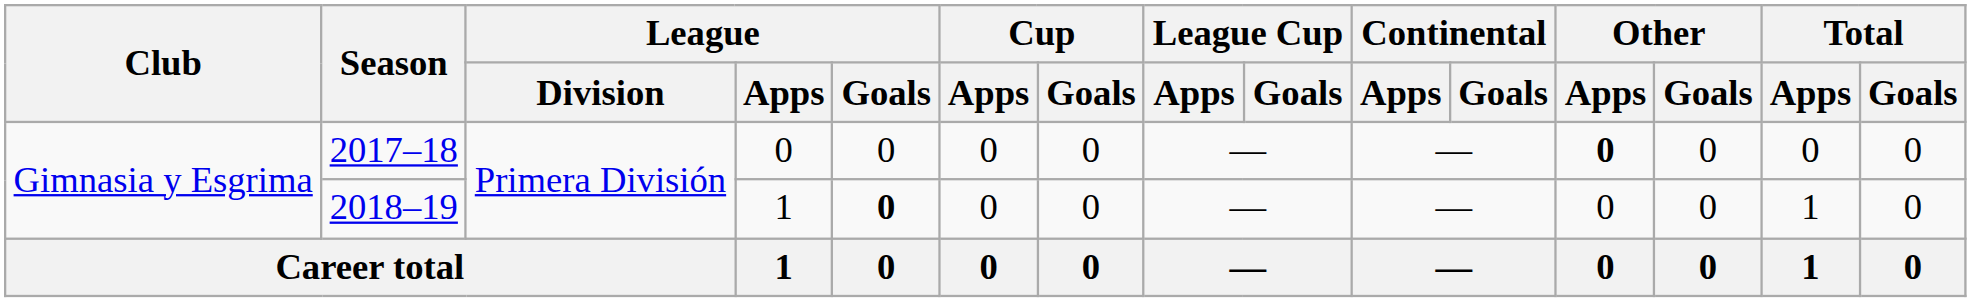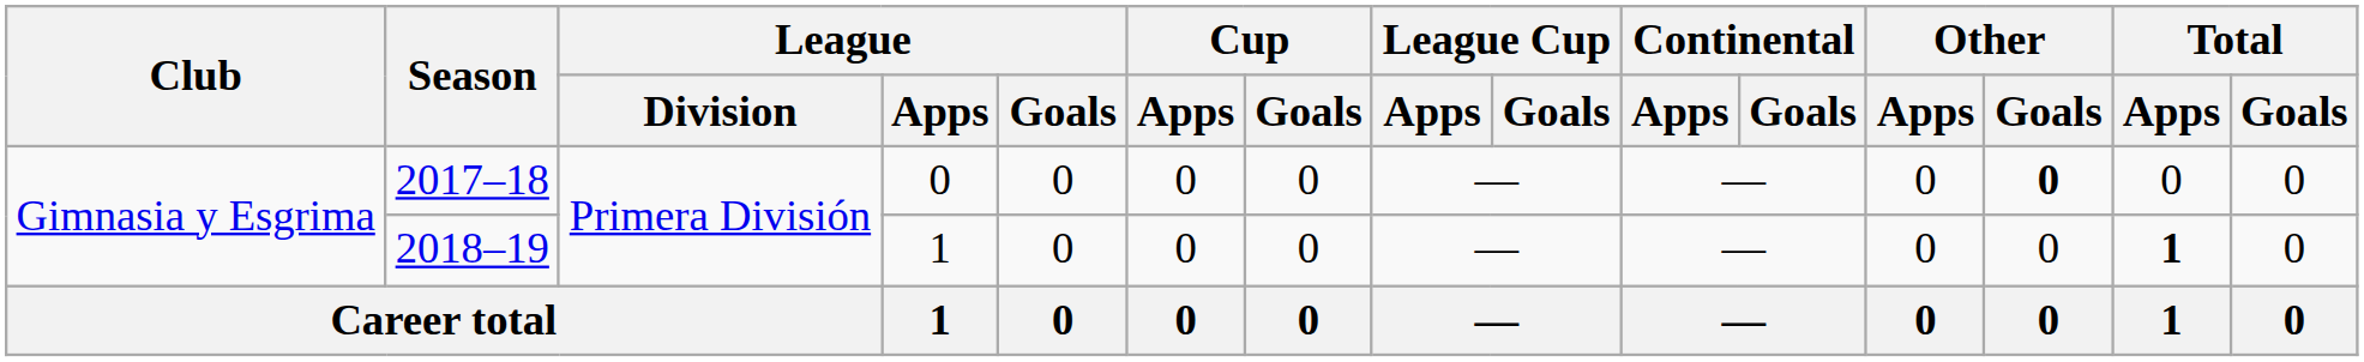 <table class="wikitable" style="text-align:center">
 <tr>
 <th rowspan="2">Club</th>
 <th rowspan="2">Season</th>
 <th colspan="3">League</th>
 <th colspan="2">Cup</th>
 <th colspan="2">League Cup</th>
 <th colspan="2">Continental</th>
 <th colspan="2">Other</th>
 <th colspan="2">Total</th>
 </tr>
 <tr>
 <th>Division</th>
 <th>Apps</th>
 <th>Goals</th>
 <th>Apps</th>
 <th>Goals</th>
 <th>Apps</th>
 <th>Goals</th>
 <th>Apps</th>
 <th>Goals</th>
 <th>Apps</th>
 <th>Goals</th>
 <th>Apps</th>
 <th>Goals</th>
 </tr>
 <tr>
 <td rowspan="2"><a href='#'>Gimnasia y Esgrima</a></td>
 <td><a href='#'>2017–18</a></td>
 <td rowspan="2"><a href='#'>Primera División</a></td>
 <td>0</td>
 <td>0</td>
 <td>0</td>
 <td>0</td>
 <td colspan="2">—</td>
 <td colspan="2">—</td>
+<td>0</td>
 <td><strong>0</strong></td>
-<td>0</td>
 <td>0</td>
 <td>0</td>
 </tr>
 <tr>
 <td><a href='#'>2018–19</a></td>
 <td>1</td>
-<td><strong>0</strong></td>
+<td>0</td>
 <td>0</td>
 <td>0</td>
 <td colspan="2">—</td>
 <td colspan="2">—</td>
 <td>0</td>
 <td>0</td>
-<td>1</td>
+<td><strong>1</strong></td>
 <td>0</td>
 </tr>
 <tr>
 <th colspan="3">Career total</th>
 <th>1</th>
 <th>0</th>
 <th>0</th>
 <th>0</th>
 <th colspan="2">—</th>
 <th colspan="2">—</th>
 <th>0</th>
 <th>0</th>
 <th>1</th>
 <th>0</th>
 </tr>
 </table>
